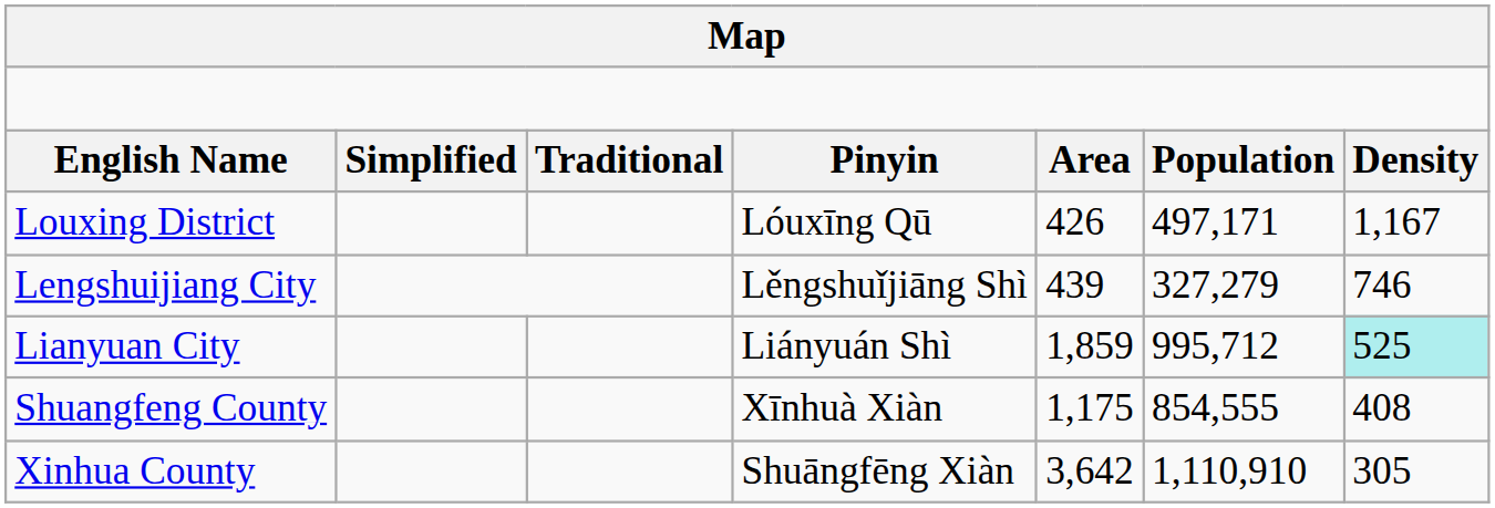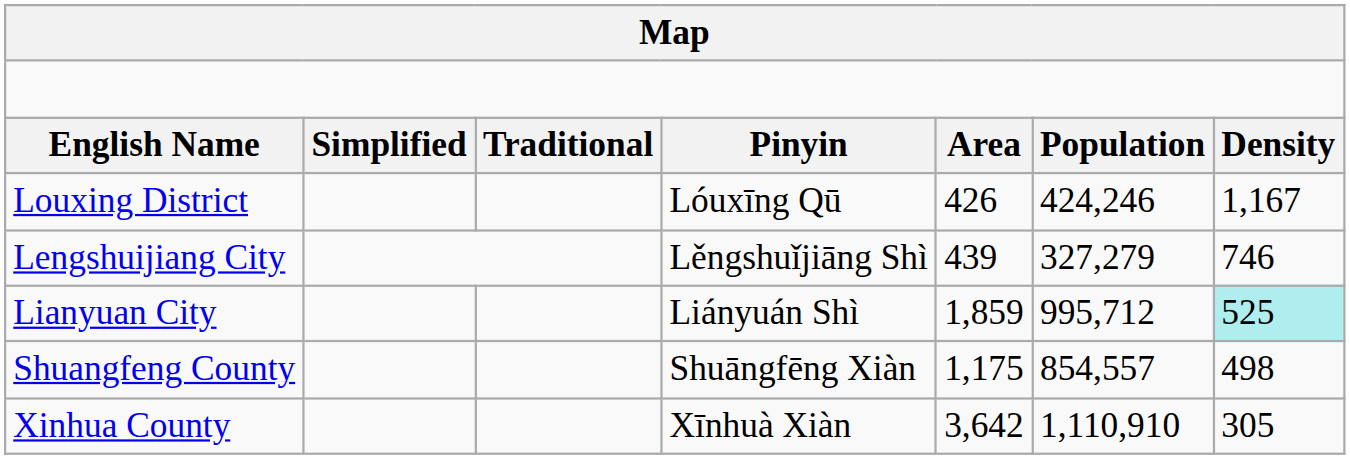 <table class="wikitable sortable">
 <tr>
 <th colspan=12>Map</th>
 </tr>
 <tr>
 <td colspan=12><div><div><br>       </div>  </div></td>
 </tr>
 <tr>
 <th>English Name</th>
 <th>Simplified</th>
 <th>Traditional</th>
 <th>Pinyin</th>
 <th>Area</th>
 <th>Population</th>
 <th>Density</th>
 </tr>
 <tr>
 <td><a href='#'>Louxing District</a></td>
 <td></td>
 <td></td>
 <td>Lóuxīng Qū</td>
 <td>426</td>
-<td>497,171</td>
+<td>424,246</td>
 <td>1,167</td>
 </tr>
 <tr>
 <td><a href='#'>Lengshuijiang City</a></td>
 <td colspan=2></td>
 <td>Lěngshuǐjiāng Shì</td>
 <td>439</td>
 <td>327,279</td>
 <td>746</td>
 </tr>
 <tr>
 <td><a href='#'>Lianyuan City</a></td>
 <td></td>
 <td></td>
 <td>Liányuán Shì</td>
 <td>1,859</td>
 <td>995,712</td>
 <td style="background: paleturquoise;">525</td>
 </tr>
 <tr>
 <td><a href='#'>Shuangfeng County</a></td>
 <td></td>
 <td></td>
-<td>Xīnhuà Xiàn</td>
+<td>Shuāngfēng Xiàn</td>
 <td>1,175</td>
-<td>854,555</td>
-<td>408</td>
+<td>854,557</td>
+<td>498</td>
 </tr>
 <tr>
 <td><a href='#'>Xinhua County</a></td>
 <td></td>
 <td></td>
-<td>Shuāngfēng Xiàn</td>
+<td>Xīnhuà Xiàn</td>
 <td>3,642</td>
 <td>1,110,910</td>
 <td>305</td>
 </tr>
 </table>
